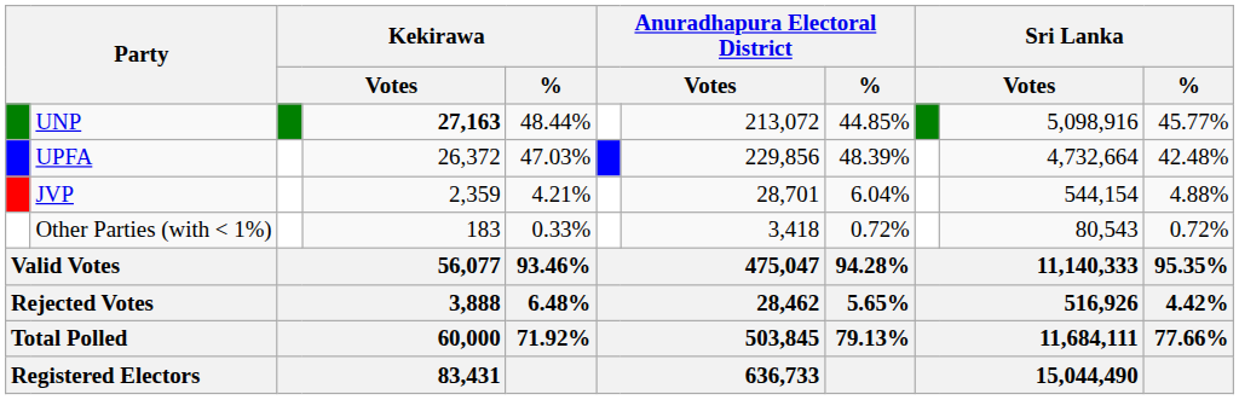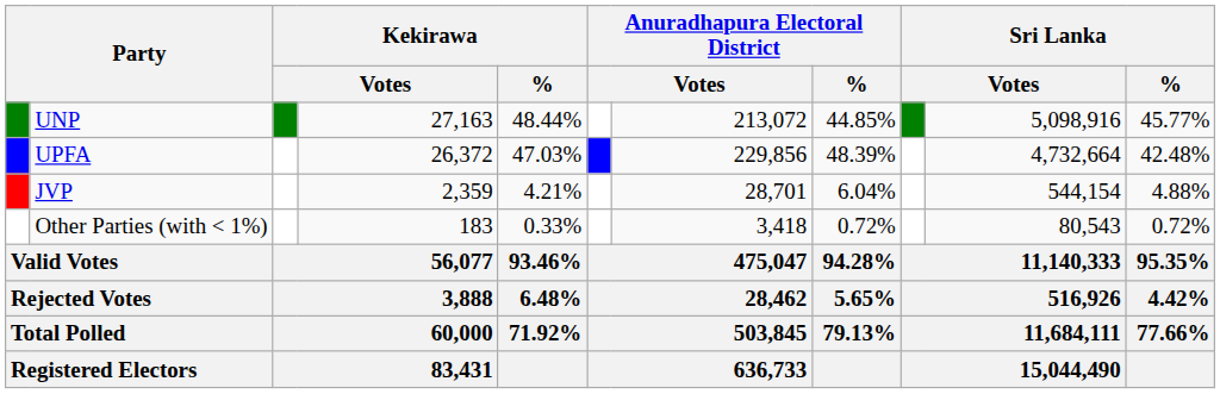 <table class="wikitable">
 <tr>
 <th colspan="2" width="144px"rowspan="2">Party</th>
 <th colspan="3" width="216px">Kekirawa</th>
 <th colspan="3" width="216px"><a href='#'>Anuradhapura Electoral District</a></th>
 <th colspan="3" width="216px">Sri Lanka</th>
 </tr>
 <tr>
 <th colspan="2" width="144px">Votes</th>
 <th>%</th>
 <th colspan="2" width="144px">Votes</th>
 <th>%</th>
 <th colspan="2" width="144px">Votes</th>
 <th>%</th>
 </tr>
 <tr>
 <td style="background-color:green;" width="10px"></td>
 <td style="text-align:left;"><a href='#'>UNP</a></td>
 <td style="background-color:green;" width="10px"></td>
-<td style="text-align:right;"><strong>27,163</strong></td>
+<td style="text-align:right;">27,163</td>
 <td style="text-align:right;">48.44%</td>
 <td style="background-color:white;" width="10px"></td>
 <td style="text-align:right;">213,072</td>
 <td style="text-align:right;">44.85%</td>
 <td style="background-color:green;" width="10px"></td>
 <td style="text-align:right;">5,098,916</td>
 <td style="text-align:right;">45.77%</td>
 </tr>
 <tr>
 <td style="background-color:blue;" width="10px"></td>
 <td style="text-align:left;"><a href='#'>UPFA</a></td>
 <td style="background-color:white;" width="10px"></td>
 <td style="text-align:right;">26,372</td>
 <td style="text-align:right;">47.03%</td>
 <td style="background-color:blue;" width="10px"></td>
 <td style="text-align:right;">229,856</td>
 <td style="text-align:right;">48.39%</td>
 <td style="background-color:white;" width="10px"></td>
 <td style="text-align:right;">4,732,664</td>
 <td style="text-align:right;">42.48%</td>
 </tr>
 <tr>
 <td style="background-color:red;" width="10px"></td>
 <td style="text-align:left;"><a href='#'>JVP</a></td>
 <td style="background-color:white;" width="10px"></td>
 <td style="text-align:right;">2,359</td>
 <td style="text-align:right;">4.21%</td>
 <td style="background-color:white;" width="10px"></td>
 <td style="text-align:right;">28,701</td>
 <td style="text-align:right;">6.04%</td>
 <td style="background-color:white;" width="10px"></td>
 <td style="text-align:right;">544,154</td>
 <td style="text-align:right;">4.88%</td>
 </tr>
 <tr>
 <td style="background-color:white;" width="10px"></td>
 <td style="text-align:left;">Other Parties (with < 1%)</td>
 <td style="background-color:white;" width="10px"></td>
 <td style="text-align:right;">183</td>
 <td style="text-align:right;">0.33%</td>
 <td style="background-color:white;" width="10px"></td>
 <td style="text-align:right;">3,418</td>
 <td style="text-align:right;">0.72%</td>
 <td style="background-color:white;" width="10px"></td>
 <td style="text-align:right;">80,543</td>
 <td style="text-align:right;">0.72%</td>
 </tr>
 <tr>
 <th colspan="2" width="144px"style="text-align:left;">Valid Votes</th>
 <th style="text-align:right;"colspan="2" width="144px">56,077</th>
 <th style="text-align:right;">93.46%</th>
 <th style="text-align:right;"colspan="2" width="144px">475,047</th>
 <th style="text-align:right;">94.28%</th>
 <th style="text-align:right;"colspan="2" width="144px">11,140,333</th>
 <th style="text-align:right;">95.35%</th>
 </tr>
 <tr>
 <th colspan="2" width="144px"style="text-align:left;">Rejected Votes</th>
 <th style="text-align:right;"colspan="2" width="144px">3,888</th>
 <th style="text-align:right;">6.48%</th>
 <th style="text-align:right;"colspan="2" width="144px">28,462</th>
 <th style="text-align:right;">5.65%</th>
 <th style="text-align:right;"colspan="2" width="144px">516,926</th>
 <th style="text-align:right;">4.42%</th>
 </tr>
 <tr>
 <th colspan="2" width="144px"style="text-align:left;">Total Polled</th>
 <th style="text-align:right;"colspan="2" width="144px">60,000</th>
 <th style="text-align:right;">71.92%</th>
 <th style="text-align:right;"colspan="2" width="144px">503,845</th>
 <th style="text-align:right;">79.13%</th>
 <th style="text-align:right;"colspan="2" width="144px">11,684,111</th>
 <th style="text-align:right;">77.66%</th>
 </tr>
 <tr>
 <th colspan="2" width="144px"style="text-align:left;">Registered Electors</th>
 <th style="text-align:right;"colspan="2" width="144px">83,431</th>
 <th></th>
 <th style="text-align:right;"colspan="2" width="144px">636,733</th>
 <th></th>
 <th style="text-align:right;"colspan="2" width="144px">15,044,490</th>
 <th></th>
 </tr>
 </table>
